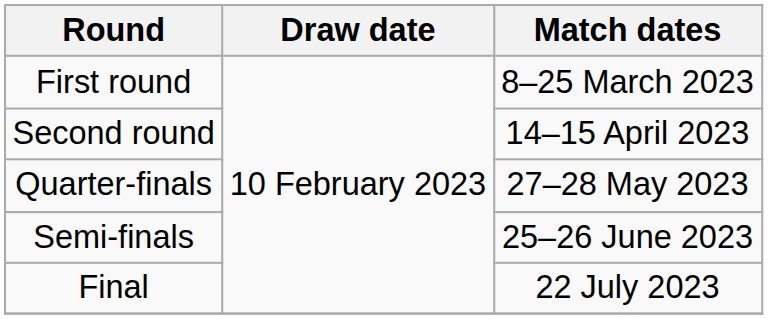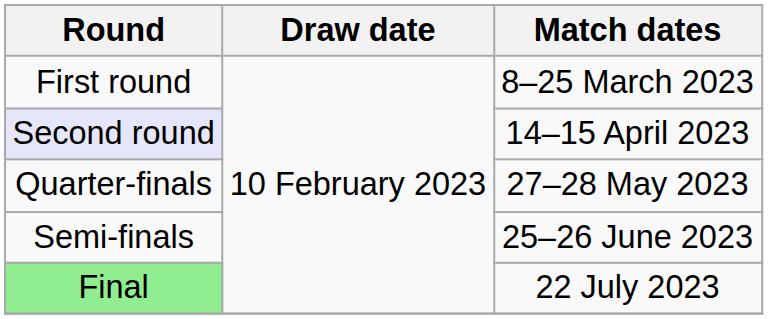 <table class="wikitable" style="text-align:center">
 <tr>
 <th>Round</th>
 <th>Draw date</th>
 <th>Match dates</th>
 </tr>
 <tr>
 <td>First round</td>
 <td rowspan="5">10 February 2023</td>
 <td colspan=2>8–25 March 2023</td>
 </tr>
 <tr>
-<td>Second round</td>
+<td style="background: lavender;">Second round</td>
 <td colspan=2>14–15 April 2023</td>
 </tr>
 <tr>
 <td>Quarter-finals</td>
 <td colspan=2>27–28 May 2023</td>
 </tr>
 <tr>
 <td>Semi-finals</td>
 <td colspan=2>25–26 June 2023</td>
 </tr>
 <tr>
-<td>Final</td>
+<td style="background: lightgreen;">Final</td>
 <td colspan=2>22 July 2023</td>
 </tr>
 <tr>
 </tr>
 </table>
